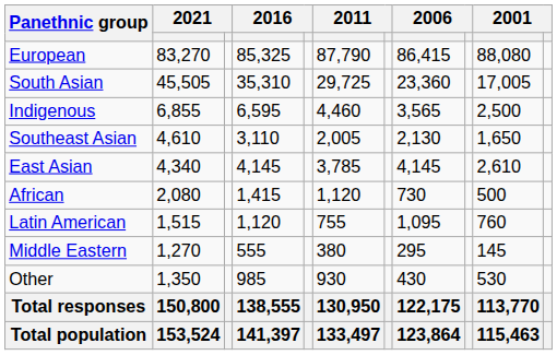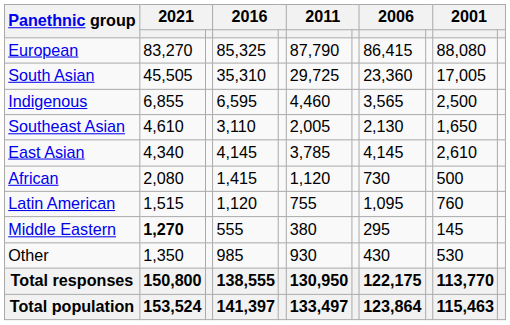 <table class="wikitable collapsible sortable">
 <tr>
 <th rowspan="2"><a href='#'>Panethnic</a> group</th>
 <th colspan="2">2021</th>
 <th colspan="2">2016</th>
 <th colspan="2">2011</th>
 <th colspan="2">2006</th>
 <th colspan="2">2001</th>
 </tr>
 <tr>
 <th><a href='#'></a></th>
 <th></th>
 <th></th>
 <th></th>
 <th></th>
 <th></th>
 <th></th>
 <th></th>
 <th></th>
 <th></th>
 </tr>
 <tr>
 <td><a href='#'>European</a></td>
 <td>83,270</td>
 <td></td>
 <td>85,325</td>
 <td></td>
 <td>87,790</td>
 <td></td>
 <td>86,415</td>
 <td></td>
 <td>88,080</td>
 <td></td>
 </tr>
 <tr>
 <td><a href='#'>South Asian</a></td>
 <td>45,505</td>
 <td></td>
 <td>35,310</td>
 <td></td>
 <td>29,725</td>
 <td></td>
 <td>23,360</td>
 <td></td>
 <td>17,005</td>
 <td></td>
 </tr>
 <tr>
 <td><a href='#'>Indigenous</a></td>
 <td>6,855</td>
 <td></td>
 <td>6,595</td>
 <td></td>
 <td>4,460</td>
 <td></td>
 <td>3,565</td>
 <td></td>
 <td>2,500</td>
 <td></td>
 </tr>
 <tr>
 <td><a href='#'>Southeast Asian</a></td>
 <td>4,610</td>
 <td></td>
 <td>3,110</td>
 <td></td>
 <td>2,005</td>
 <td></td>
 <td>2,130</td>
 <td></td>
 <td>1,650</td>
 <td></td>
 </tr>
 <tr>
 <td><a href='#'>East Asian</a></td>
 <td>4,340</td>
 <td></td>
 <td>4,145</td>
 <td></td>
 <td>3,785</td>
 <td></td>
 <td>4,145</td>
 <td></td>
 <td>2,610</td>
 <td></td>
 </tr>
 <tr>
 <td><a href='#'>African</a></td>
 <td>2,080</td>
 <td></td>
 <td>1,415</td>
 <td></td>
 <td>1,120</td>
 <td></td>
 <td>730</td>
 <td></td>
 <td>500</td>
 <td></td>
 </tr>
 <tr>
 <td><a href='#'>Latin American</a></td>
 <td>1,515</td>
 <td></td>
 <td>1,120</td>
 <td></td>
 <td>755</td>
 <td></td>
 <td>1,095</td>
 <td></td>
 <td>760</td>
 <td></td>
 </tr>
 <tr>
 <td><a href='#'>Middle Eastern</a></td>
-<td>1,270</td>
+<td><strong>1,270</strong></td>
 <td></td>
 <td>555</td>
 <td></td>
 <td>380</td>
 <td></td>
 <td>295</td>
 <td></td>
 <td>145</td>
 <td></td>
 </tr>
 <tr>
 <td>Other</td>
 <td>1,350</td>
 <td></td>
 <td>985</td>
 <td></td>
 <td>930</td>
 <td></td>
 <td>430</td>
 <td></td>
 <td>530</td>
 <td></td>
 </tr>
 <tr>
 <th>Total responses</th>
 <th>150,800</th>
 <th></th>
 <th>138,555</th>
 <th></th>
 <th>130,950</th>
 <th></th>
 <th>122,175</th>
 <th></th>
 <th>113,770</th>
 <th></th>
 </tr>
 <tr>
 <th>Total population</th>
 <th>153,524</th>
 <th></th>
 <th>141,397</th>
 <th></th>
 <th>133,497</th>
 <th></th>
 <th>123,864</th>
 <th></th>
 <th>115,463</th>
 <th></th>
 </tr>
 </table>
